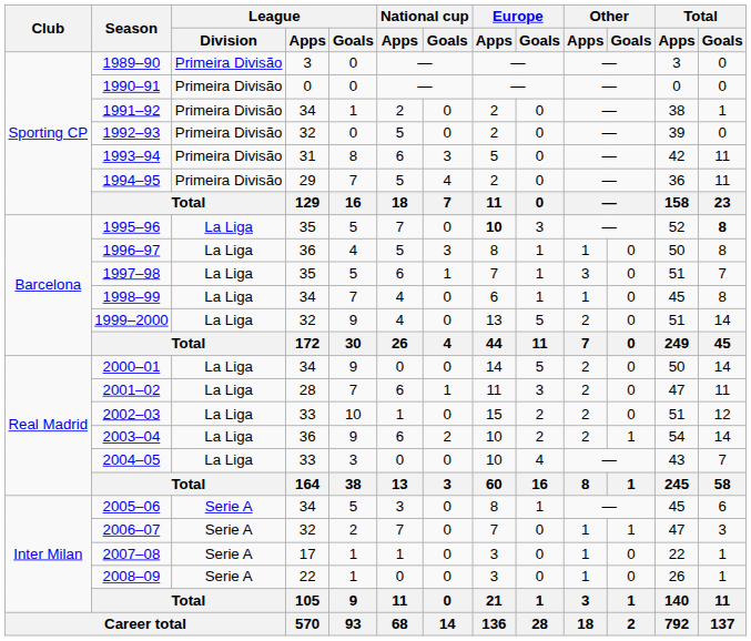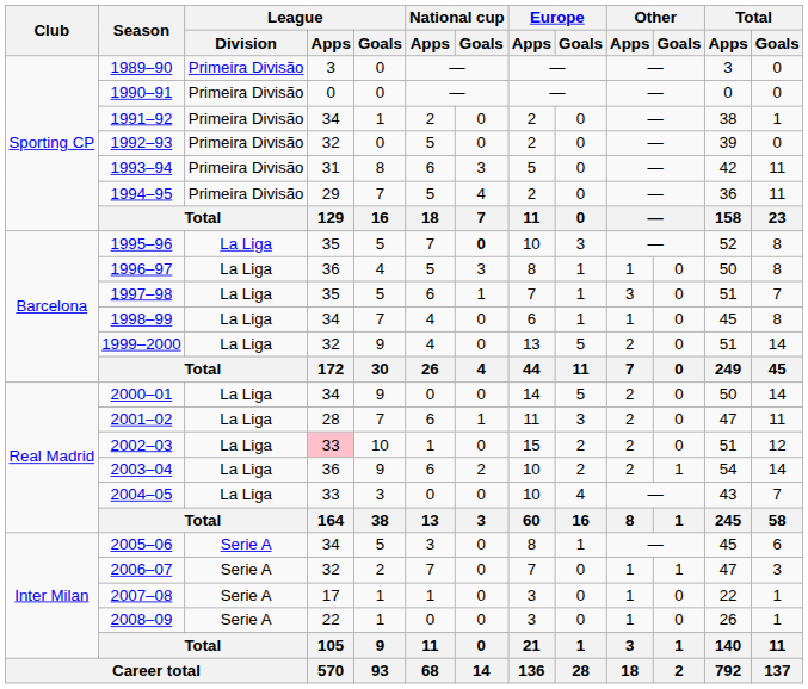 <table class="wikitable" style="text-align:center">
 <tr>
 <th rowspan="2">Club</th>
 <th rowspan="2">Season</th>
 <th colspan="3">League</th>
 <th colspan="2">National cup</th>
 <th colspan="2"><a href='#'>Europe</a></th>
 <th colspan="2">Other</th>
 <th colspan="2">Total</th>
 </tr>
 <tr>
 <th>Division</th>
 <th>Apps</th>
 <th>Goals</th>
 <th>Apps</th>
 <th>Goals</th>
 <th>Apps</th>
 <th>Goals</th>
 <th>Apps</th>
 <th>Goals</th>
 <th>Apps</th>
 <th>Goals</th>
 </tr>
 <tr>
 <td rowspan="7"><a href='#'>Sporting CP</a></td>
 <td><a href='#'>1989–90</a></td>
 <td><a href='#'>Primeira Divisão</a></td>
 <td>3</td>
 <td>0</td>
 <td colspan="2">—</td>
 <td colspan="2">—</td>
 <td colspan="2">—</td>
 <td>3</td>
 <td>0</td>
 </tr>
 <tr>
 <td><a href='#'>1990–91</a></td>
 <td>Primeira Divisão</td>
 <td>0</td>
 <td>0</td>
 <td colspan="2">—</td>
 <td colspan="2">—</td>
 <td colspan="2">—</td>
 <td>0</td>
 <td>0</td>
 </tr>
 <tr>
 <td><a href='#'>1991–92</a></td>
 <td>Primeira Divisão</td>
 <td>34</td>
 <td>1</td>
 <td>2</td>
 <td>0</td>
 <td>2</td>
 <td>0</td>
 <td colspan="2">—</td>
 <td>38</td>
 <td>1</td>
 </tr>
 <tr>
 <td><a href='#'>1992–93</a></td>
 <td>Primeira Divisão</td>
 <td>32</td>
 <td>0</td>
 <td>5</td>
 <td>0</td>
 <td>2</td>
 <td>0</td>
 <td colspan="2">—</td>
 <td>39</td>
 <td>0</td>
 </tr>
 <tr>
 <td><a href='#'>1993–94</a></td>
 <td>Primeira Divisão</td>
 <td>31</td>
 <td>8</td>
 <td>6</td>
 <td>3</td>
 <td>5</td>
 <td>0</td>
 <td colspan="2">—</td>
 <td>42</td>
 <td>11</td>
 </tr>
 <tr>
 <td><a href='#'>1994–95</a></td>
 <td>Primeira Divisão</td>
 <td>29</td>
 <td>7</td>
 <td>5</td>
 <td>4</td>
 <td>2</td>
 <td>0</td>
 <td colspan="2">—</td>
 <td>36</td>
 <td>11</td>
 </tr>
 <tr>
 <th colspan="2">Total</th>
 <th>129</th>
 <th>16</th>
 <th>18</th>
 <th>7</th>
 <th>11</th>
 <th>0</th>
 <th colspan="2">—</th>
 <th>158</th>
 <th>23</th>
 </tr>
 <tr>
 <td rowspan="6"><a href='#'>Barcelona</a></td>
 <td><a href='#'>1995–96</a></td>
 <td><a href='#'>La Liga</a></td>
 <td>35</td>
 <td>5</td>
 <td>7</td>
-<td>0</td>
-<td><strong>10</strong></td>
+<td><strong>0</strong></td>
+<td>10</td>
 <td>3</td>
 <td colspan="2">—</td>
 <td>52</td>
-<td><strong>8</strong></td>
+<td>8</td>
 </tr>
 <tr>
 <td><a href='#'>1996–97</a></td>
 <td>La Liga</td>
 <td>36</td>
 <td>4</td>
 <td>5</td>
 <td>3</td>
 <td>8</td>
 <td>1</td>
 <td>1</td>
 <td>0</td>
 <td>50</td>
 <td>8</td>
 </tr>
 <tr>
 <td><a href='#'>1997–98</a></td>
 <td>La Liga</td>
 <td>35</td>
 <td>5</td>
 <td>6</td>
 <td>1</td>
 <td>7</td>
 <td>1</td>
 <td>3</td>
 <td>0</td>
 <td>51</td>
 <td>7</td>
 </tr>
 <tr>
 <td><a href='#'>1998–99</a></td>
 <td>La Liga</td>
 <td>34</td>
 <td>7</td>
 <td>4</td>
 <td>0</td>
 <td>6</td>
 <td>1</td>
 <td>1</td>
 <td>0</td>
 <td>45</td>
 <td>8</td>
 </tr>
 <tr>
 <td><a href='#'>1999–2000</a></td>
 <td>La Liga</td>
 <td>32</td>
 <td>9</td>
 <td>4</td>
 <td>0</td>
 <td>13</td>
 <td>5</td>
 <td>2</td>
 <td>0</td>
 <td>51</td>
 <td>14</td>
 </tr>
 <tr>
 <th colspan="2">Total</th>
 <th>172</th>
 <th>30</th>
 <th>26</th>
 <th>4</th>
 <th>44</th>
 <th>11</th>
 <th>7</th>
 <th>0</th>
 <th>249</th>
 <th>45</th>
 </tr>
 <tr>
 <td rowspan="6"><a href='#'>Real Madrid</a></td>
 <td><a href='#'>2000–01</a></td>
 <td>La Liga</td>
 <td>34</td>
 <td>9</td>
 <td>0</td>
 <td>0</td>
 <td>14</td>
 <td>5</td>
 <td>2</td>
 <td>0</td>
 <td>50</td>
 <td>14</td>
 </tr>
 <tr>
 <td><a href='#'>2001–02</a></td>
 <td>La Liga</td>
 <td>28</td>
 <td>7</td>
 <td>6</td>
 <td>1</td>
 <td>11</td>
 <td>3</td>
 <td>2</td>
 <td>0</td>
 <td>47</td>
 <td>11</td>
 </tr>
 <tr>
 <td><a href='#'>2002–03</a></td>
 <td>La Liga</td>
-<td>33</td>
+<td style="background: pink;">33</td>
 <td>10</td>
 <td>1</td>
 <td>0</td>
 <td>15</td>
 <td>2</td>
 <td>2</td>
 <td>0</td>
 <td>51</td>
 <td>12</td>
 </tr>
 <tr>
 <td><a href='#'>2003–04</a></td>
 <td>La Liga</td>
 <td>36</td>
 <td>9</td>
 <td>6</td>
 <td>2</td>
 <td>10</td>
 <td>2</td>
 <td>2</td>
 <td>1</td>
 <td>54</td>
 <td>14</td>
 </tr>
 <tr>
 <td><a href='#'>2004–05</a></td>
 <td>La Liga</td>
 <td>33</td>
 <td>3</td>
 <td>0</td>
 <td>0</td>
 <td>10</td>
 <td>4</td>
 <td colspan="2">—</td>
 <td>43</td>
 <td>7</td>
 </tr>
 <tr>
 <th colspan="2">Total</th>
 <th>164</th>
 <th>38</th>
 <th>13</th>
 <th>3</th>
 <th>60</th>
 <th>16</th>
 <th>8</th>
 <th>1</th>
 <th>245</th>
 <th>58</th>
 </tr>
 <tr>
 <td rowspan="5"><a href='#'>Inter Milan</a></td>
 <td><a href='#'>2005–06</a></td>
 <td><a href='#'>Serie A</a></td>
 <td>34</td>
 <td>5</td>
 <td>3</td>
 <td>0</td>
 <td>8</td>
 <td>1</td>
 <td colspan="2">—</td>
 <td>45</td>
 <td>6</td>
 </tr>
 <tr>
 <td><a href='#'>2006–07</a></td>
 <td>Serie A</td>
 <td>32</td>
 <td>2</td>
 <td>7</td>
 <td>0</td>
 <td>7</td>
 <td>0</td>
 <td>1</td>
 <td>1</td>
 <td>47</td>
 <td>3</td>
 </tr>
 <tr>
 <td><a href='#'>2007–08</a></td>
 <td>Serie A</td>
 <td>17</td>
 <td>1</td>
 <td>1</td>
 <td>0</td>
 <td>3</td>
 <td>0</td>
 <td>1</td>
 <td>0</td>
 <td>22</td>
 <td>1</td>
 </tr>
 <tr>
 <td><a href='#'>2008–09</a></td>
 <td>Serie A</td>
 <td>22</td>
 <td>1</td>
 <td>0</td>
 <td>0</td>
 <td>3</td>
 <td>0</td>
 <td>1</td>
 <td>0</td>
 <td>26</td>
 <td>1</td>
 </tr>
 <tr>
 <th colspan="2">Total</th>
 <th>105</th>
 <th>9</th>
 <th>11</th>
 <th>0</th>
 <th>21</th>
 <th>1</th>
 <th>3</th>
 <th>1</th>
 <th>140</th>
 <th>11</th>
 </tr>
 <tr>
 <th colspan="3">Career total</th>
 <th>570</th>
 <th>93</th>
 <th>68</th>
 <th>14</th>
 <th>136</th>
 <th>28</th>
 <th>18</th>
 <th>2</th>
 <th>792</th>
 <th>137</th>
 </tr>
 </table>
